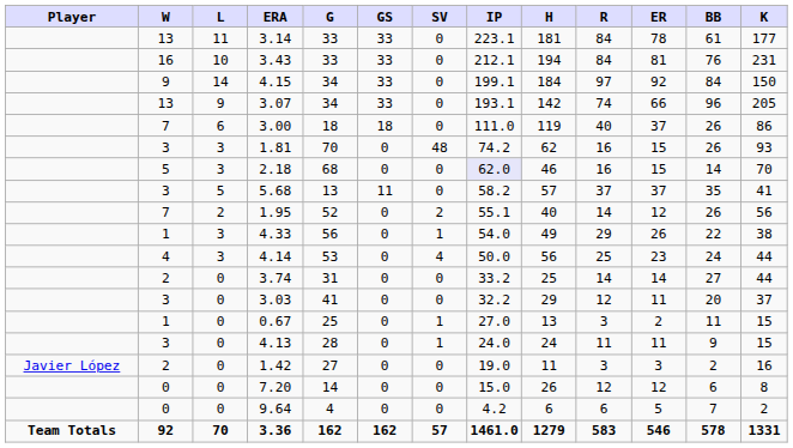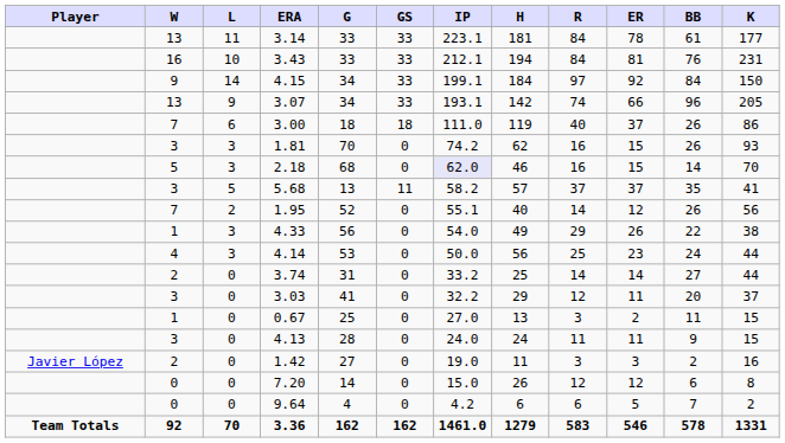 <table class="wikitable sortable" style="text-align:center; border:1px; cellpadding:2; cellspacing:0;">
 <tr>
 <th style="background:#ddf; width:17%;">Player</th>
 <th style="background:#ddf; width:7%;">W</th>
 <th style="background:#ddf; width:7%;">L</th>
 <th style="background:#ddf; width:7%;">ERA</th>
 <th style="background:#ddf; width:7%;">G</th>
 <th style="background:#ddf; width:7%;">GS</th>
-<th style="background:#ddf; width:7%;">SV</th>
 <th style="background:#ddf; width:7%;">IP</th>
 <th style="background:#ddf; width:7%;">H</th>
 <th style="background:#ddf; width:7%;">R</th>
 <th style="background:#ddf; width:7%;">ER</th>
 <th style="background:#ddf; width:7%;">BB</th>
 <th style="background:#ddf; width:7%;">K</th>
 </tr>
 <tr>
 <td></td>
 <td>13</td>
 <td>11</td>
 <td>3.14</td>
 <td>33</td>
 <td>33</td>
-<td>0</td>
 <td>223.1</td>
 <td>181</td>
 <td>84</td>
 <td>78</td>
 <td>61</td>
 <td>177</td>
 </tr>
 <tr>
 <td></td>
 <td>16</td>
 <td>10</td>
 <td>3.43</td>
 <td>33</td>
 <td>33</td>
-<td>0</td>
 <td>212.1</td>
 <td>194</td>
 <td>84</td>
 <td>81</td>
 <td>76</td>
 <td>231</td>
 </tr>
 <tr>
 <td></td>
 <td>9</td>
 <td>14</td>
 <td>4.15</td>
 <td>34</td>
 <td>33</td>
-<td>0</td>
 <td>199.1</td>
 <td>184</td>
 <td>97</td>
 <td>92</td>
 <td>84</td>
 <td>150</td>
 </tr>
 <tr>
 <td></td>
 <td>13</td>
 <td>9</td>
 <td>3.07</td>
 <td>34</td>
 <td>33</td>
-<td>0</td>
 <td>193.1</td>
 <td>142</td>
 <td>74</td>
 <td>66</td>
 <td>96</td>
 <td>205</td>
 </tr>
 <tr>
 <td></td>
 <td>7</td>
 <td>6</td>
 <td>3.00</td>
 <td>18</td>
 <td>18</td>
-<td>0</td>
 <td>111.0</td>
 <td>119</td>
 <td>40</td>
 <td>37</td>
 <td>26</td>
 <td>86</td>
 </tr>
 <tr>
 <td></td>
 <td>3</td>
 <td>3</td>
 <td>1.81</td>
 <td>70</td>
 <td>0</td>
-<td>48</td>
 <td>74.2</td>
 <td>62</td>
 <td>16</td>
 <td>15</td>
 <td>26</td>
 <td>93</td>
 </tr>
 <tr>
 <td></td>
 <td>5</td>
 <td>3</td>
 <td>2.18</td>
 <td>68</td>
-<td>0</td>
 <td>0</td>
 <td style="background: lavender;">62.0</td>
 <td>46</td>
 <td>16</td>
 <td>15</td>
 <td>14</td>
 <td>70</td>
 </tr>
 <tr>
 <td></td>
 <td>3</td>
 <td>5</td>
 <td>5.68</td>
 <td>13</td>
 <td>11</td>
-<td>0</td>
 <td>58.2</td>
 <td>57</td>
 <td>37</td>
 <td>37</td>
 <td>35</td>
 <td>41</td>
 </tr>
 <tr>
 <td></td>
 <td>7</td>
 <td>2</td>
 <td>1.95</td>
 <td>52</td>
 <td>0</td>
-<td>2</td>
 <td>55.1</td>
 <td>40</td>
 <td>14</td>
 <td>12</td>
 <td>26</td>
 <td>56</td>
 </tr>
 <tr>
 <td></td>
 <td>1</td>
 <td>3</td>
 <td>4.33</td>
 <td>56</td>
 <td>0</td>
-<td>1</td>
 <td>54.0</td>
 <td>49</td>
 <td>29</td>
 <td>26</td>
 <td>22</td>
 <td>38</td>
 </tr>
 <tr>
 <td></td>
 <td>4</td>
 <td>3</td>
 <td>4.14</td>
 <td>53</td>
 <td>0</td>
-<td>4</td>
 <td>50.0</td>
 <td>56</td>
 <td>25</td>
 <td>23</td>
 <td>24</td>
 <td>44</td>
 </tr>
 <tr>
 <td></td>
 <td>2</td>
 <td>0</td>
 <td>3.74</td>
 <td>31</td>
-<td>0</td>
 <td>0</td>
 <td>33.2</td>
 <td>25</td>
 <td>14</td>
 <td>14</td>
 <td>27</td>
 <td>44</td>
 </tr>
 <tr>
 <td></td>
 <td>3</td>
 <td>0</td>
 <td>3.03</td>
 <td>41</td>
 <td>0</td>
-<td>0</td>
 <td>32.2</td>
 <td>29</td>
 <td>12</td>
 <td>11</td>
 <td>20</td>
 <td>37</td>
 </tr>
 <tr>
 <td></td>
 <td>1</td>
 <td>0</td>
 <td>0.67</td>
 <td>25</td>
 <td>0</td>
-<td>1</td>
 <td>27.0</td>
 <td>13</td>
 <td>3</td>
 <td>2</td>
 <td>11</td>
 <td>15</td>
 </tr>
 <tr>
 <td></td>
 <td>3</td>
 <td>0</td>
 <td>4.13</td>
 <td>28</td>
 <td>0</td>
-<td>1</td>
 <td>24.0</td>
 <td>24</td>
 <td>11</td>
 <td>11</td>
 <td>9</td>
 <td>15</td>
 </tr>
 <tr>
 <td><a href='#'>Javier López</a></td>
 <td>2</td>
 <td>0</td>
 <td>1.42</td>
 <td>27</td>
-<td>0</td>
 <td>0</td>
 <td>19.0</td>
 <td>11</td>
 <td>3</td>
 <td>3</td>
 <td>2</td>
 <td>16</td>
 </tr>
 <tr>
 <td></td>
 <td>0</td>
 <td>0</td>
 <td>7.20</td>
 <td>14</td>
 <td>0</td>
-<td>0</td>
 <td>15.0</td>
 <td>26</td>
 <td>12</td>
 <td>12</td>
 <td>6</td>
 <td>8</td>
 </tr>
 <tr>
 <td></td>
 <td>0</td>
 <td>0</td>
 <td>9.64</td>
 <td>4</td>
-<td>0</td>
 <td>0</td>
 <td>4.2</td>
 <td>6</td>
 <td>6</td>
 <td>5</td>
 <td>7</td>
 <td>2</td>
 </tr>
 <tr>
 <td><strong>Team Totals</strong></td>
 <td><strong>92</strong></td>
 <td><strong>70</strong></td>
 <td><strong>3.36</strong></td>
 <td><strong>162</strong></td>
 <td><strong>162</strong></td>
-<td><strong>57</strong></td>
 <td><strong>1461.0</strong></td>
 <td><strong>1279</strong></td>
 <td><strong>583</strong></td>
 <td><strong>546</strong></td>
 <td><strong>578</strong></td>
 <td><strong>1331</strong></td>
 </tr>
 </table>
